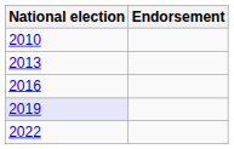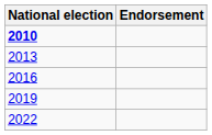 <table class="wikitable">
 <tr>
 <th>National election</th>
 <th colspan="2">Endorsement</th>
 </tr>
 <tr>
-<td><a href='#'>2010</a></td>
+<td><strong><a href='#'>2010</a></strong></td>
 <td></td>
 </tr>
 <tr>
 <td><a href='#'>2013</a></td>
 <td></td>
 </tr>
 <tr>
 <td><a href='#'>2016</a></td>
 <td></td>
 </tr>
 <tr>
-<td style="background: lavender;"><a href='#'>2019</a></td>
+<td><a href='#'>2019</a></td>
 <td></td>
 </tr>
 <tr>
 <td><a href='#'>2022</a></td>
 <td></td>
 </tr>
 </table>
